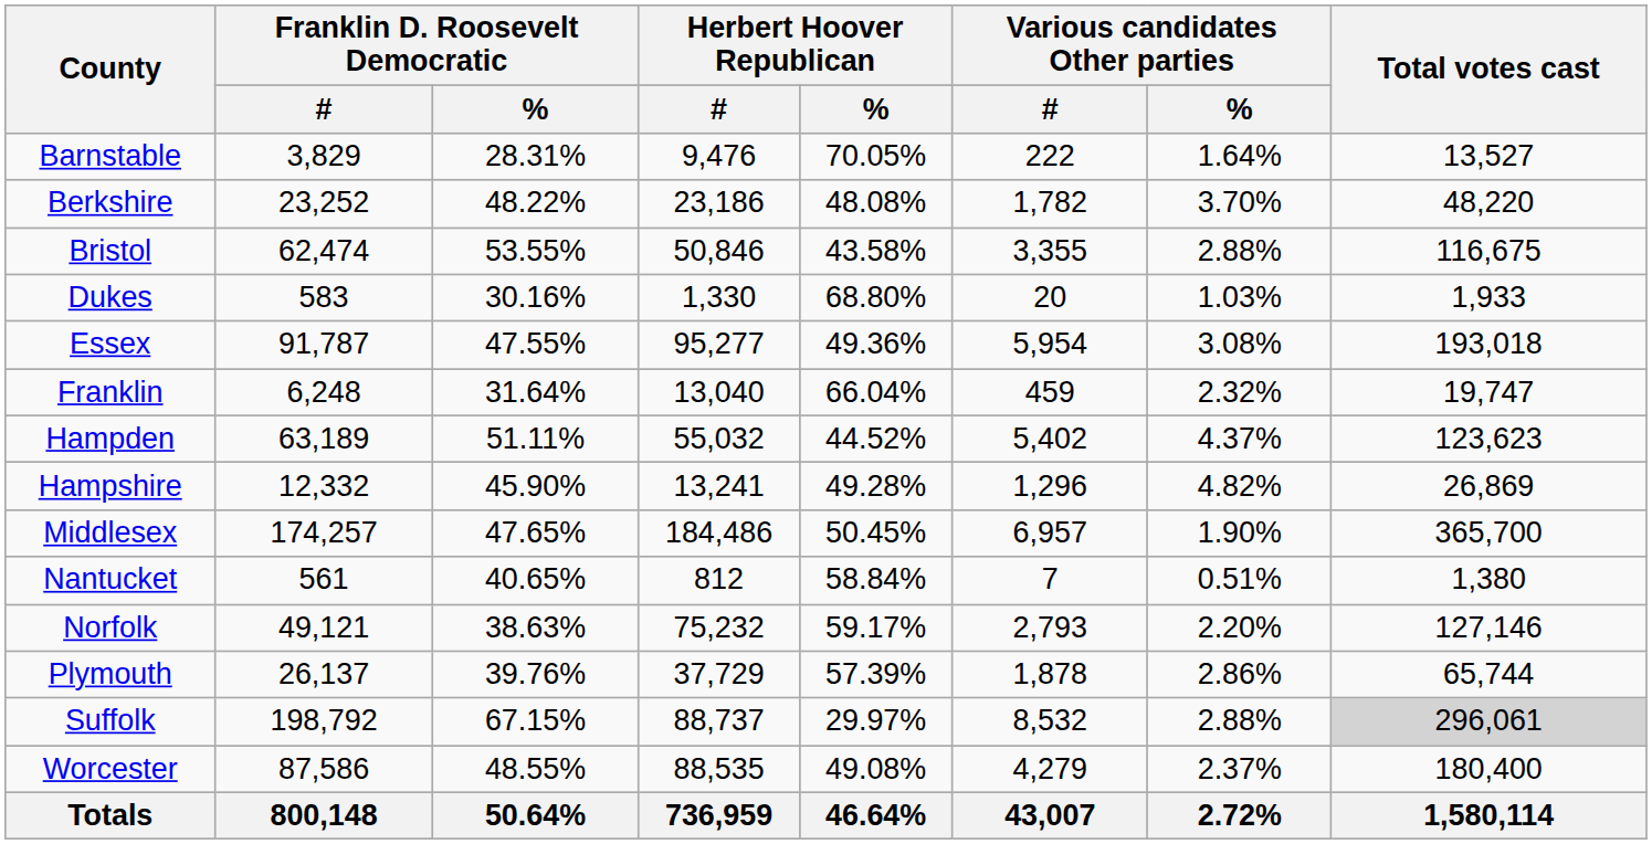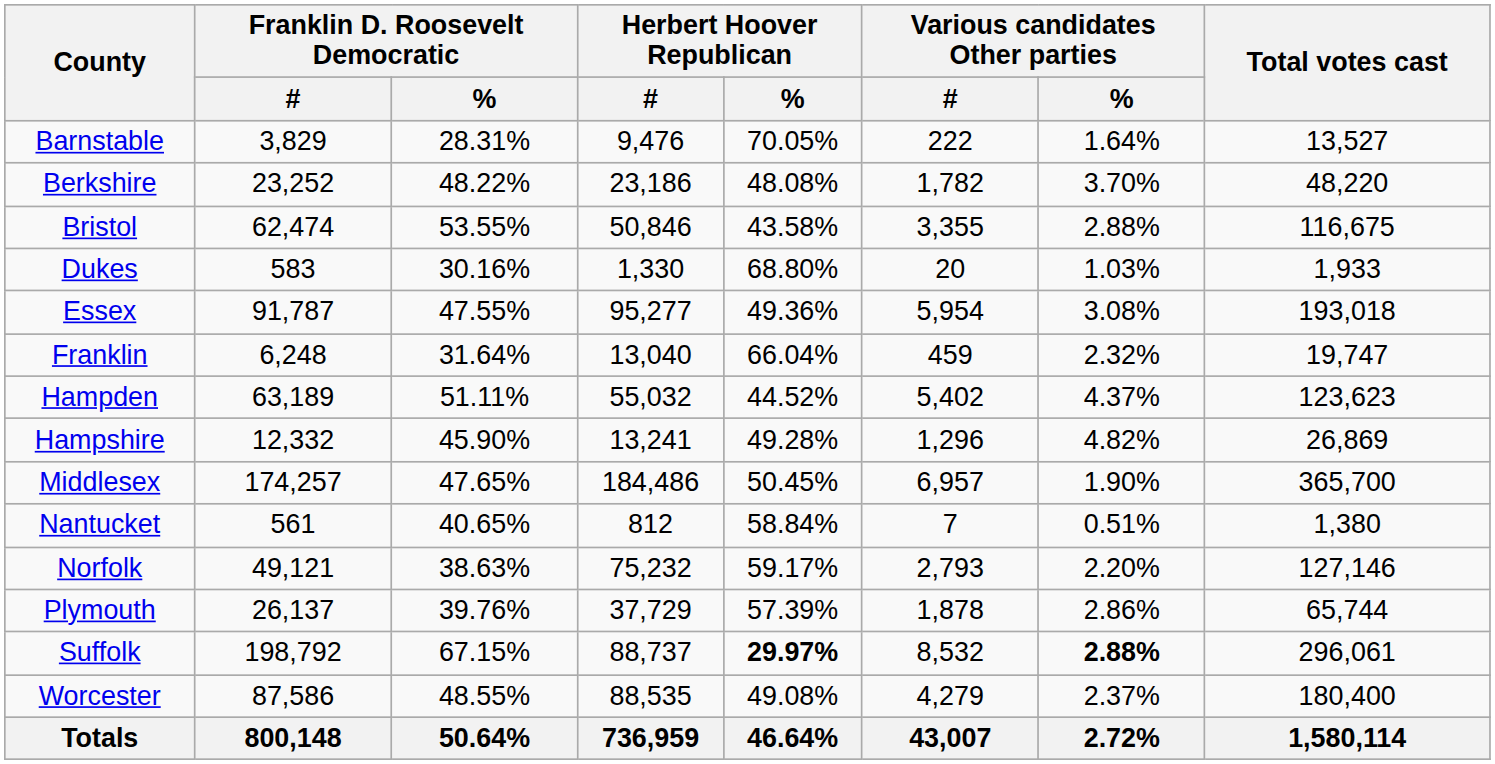 <table width="70%" class="wikitable sortable">
 <tr>
 <th rowspan="2">County</th>
 <th colspan="2">Franklin D. Roosevelt<br>Democratic</th>
 <th colspan="2">Herbert Hoover<br>Republican</th>
 <th colspan="2">Various candidates<br>Other parties</th>
 <th rowspan="2">Total votes cast</th>
 </tr>
 <tr bgcolor="lightgrey">
 <th data-sort-type="number">#</th>
 <th data-sort-type="number">%</th>
 <th data-sort-type="number">#</th>
 <th data-sort-type="number">%</th>
 <th data-sort-type="number">#</th>
 <th data-sort-type="number">%</th>
 </tr>
 <tr style="text-align:center;">
 <td><a href='#'>Barnstable</a></td>
 <td>3,829</td>
 <td>28.31%</td>
 <td>9,476</td>
 <td>70.05%</td>
 <td party shading/Others>222</td>
 <td party shading/Others>1.64%</td>
 <td>13,527</td>
 </tr>
 <tr style="text-align:center;">
 <td><a href='#'>Berkshire</a></td>
 <td>23,252</td>
 <td>48.22%</td>
 <td>23,186</td>
 <td>48.08%</td>
 <td party shading/Others>1,782</td>
 <td party shading/Others>3.70%</td>
 <td>48,220</td>
 </tr>
 <tr style="text-align:center;">
 <td><a href='#'>Bristol</a></td>
 <td>62,474</td>
 <td>53.55%</td>
 <td>50,846</td>
 <td>43.58%</td>
 <td party shading/Others>3,355</td>
 <td party shading/Others>2.88%</td>
 <td>116,675</td>
 </tr>
 <tr style="text-align:center;">
 <td><a href='#'>Dukes</a></td>
 <td>583</td>
 <td>30.16%</td>
 <td>1,330</td>
 <td>68.80%</td>
 <td party shading/Others>20</td>
 <td party shading/Others>1.03%</td>
 <td>1,933</td>
 </tr>
 <tr style="text-align:center;">
 <td><a href='#'>Essex</a></td>
 <td>91,787</td>
 <td>47.55%</td>
 <td>95,277</td>
 <td>49.36%</td>
 <td party shading/Others>5,954</td>
 <td party shading/Others>3.08%</td>
 <td>193,018</td>
 </tr>
 <tr style="text-align:center;">
 <td><a href='#'>Franklin</a></td>
 <td>6,248</td>
 <td>31.64%</td>
 <td>13,040</td>
 <td>66.04%</td>
 <td party shading/Others>459</td>
 <td party shading/Others>2.32%</td>
 <td>19,747</td>
 </tr>
 <tr style="text-align:center;">
 <td><a href='#'>Hampden</a></td>
 <td>63,189</td>
 <td>51.11%</td>
 <td>55,032</td>
 <td>44.52%</td>
 <td party shading/Others>5,402</td>
 <td party shading/Others>4.37%</td>
 <td>123,623</td>
 </tr>
 <tr style="text-align:center;">
 <td><a href='#'>Hampshire</a></td>
 <td>12,332</td>
 <td>45.90%</td>
 <td>13,241</td>
 <td>49.28%</td>
 <td party shading/Others>1,296</td>
 <td party shading/Others>4.82%</td>
 <td>26,869</td>
 </tr>
 <tr style="text-align:center;">
 <td><a href='#'>Middlesex</a></td>
 <td>174,257</td>
 <td>47.65%</td>
 <td>184,486</td>
 <td>50.45%</td>
 <td party shading/Others>6,957</td>
 <td party shading/Others>1.90%</td>
 <td>365,700</td>
 </tr>
 <tr style="text-align:center;">
 <td><a href='#'>Nantucket</a></td>
 <td>561</td>
 <td>40.65%</td>
 <td>812</td>
 <td>58.84%</td>
 <td party shading/Others>7</td>
 <td party shading/Others>0.51%</td>
 <td>1,380</td>
 </tr>
 <tr style="text-align:center;">
 <td><a href='#'>Norfolk</a></td>
 <td>49,121</td>
 <td>38.63%</td>
 <td>75,232</td>
 <td>59.17%</td>
 <td party shading/Others>2,793</td>
 <td party shading/Others>2.20%</td>
 <td>127,146</td>
 </tr>
 <tr style="text-align:center;">
 <td><a href='#'>Plymouth</a></td>
 <td>26,137</td>
 <td>39.76%</td>
 <td>37,729</td>
 <td>57.39%</td>
 <td party shading/Others>1,878</td>
 <td party shading/Others>2.86%</td>
 <td>65,744</td>
 </tr>
 <tr style="text-align:center;">
 <td><a href='#'>Suffolk</a></td>
 <td>198,792</td>
 <td>67.15%</td>
 <td>88,737</td>
-<td>29.97%</td>
+<td><strong>29.97%</strong></td>
 <td party shading/Others>8,532</td>
-<td party shading/Others>2.88%</td>
-<td style="background: lightgrey;">296,061</td>
+<td party shading/Others><strong>2.88%</strong></td>
+<td>296,061</td>
 </tr>
 <tr style="text-align:center;">
 <td><a href='#'>Worcester</a></td>
 <td>87,586</td>
 <td>48.55%</td>
 <td>88,535</td>
 <td>49.08%</td>
 <td party shading/Others>4,279</td>
 <td party shading/Others>2.37%</td>
 <td>180,400</td>
 </tr>
 <tr>
 <th>Totals</th>
 <th>800,148</th>
 <th>50.64%</th>
 <th>736,959</th>
 <th>46.64%</th>
 <th>43,007</th>
 <th>2.72%</th>
 <th>1,580,114</th>
 </tr>
 </table>
